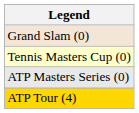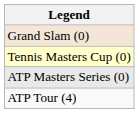 <table class="wikitable sortable mw-collapsible mw-collapsed">
 <tr>
 <th>Legend</th>
 </tr>
 <tr style="background:#f3e6d7;">
 <td>Grand Slam (0)</td>
 </tr>
 <tr style="background:#ffffcc;">
 <td>Tennis Masters Cup (0)</td>
 </tr>
 <tr style="background:#e9e9e9;">
 <td>ATP Masters Series (0)</td>
 </tr>
 <tr>
-<td style="background: gold;">ATP Tour (4)</td>
+<td>ATP Tour (4)</td>
 </tr>
 </table>
